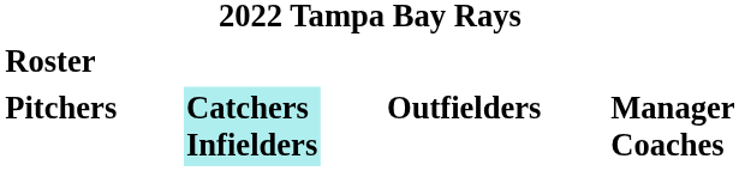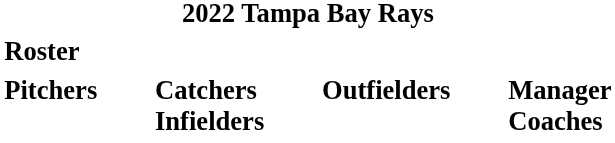 <table class="toccolours" style="font-size: 95%;">
 <tr>
 <th colspan="10">2022 Tampa Bay Rays</th>
 </tr>
 <tr>
 <td colspan="10"><strong>Roster</strong></td>
 </tr>
 <tr>
 <td valign="top"><strong>Pitchers</strong><br>                                    </td>
 <td style="width:25px;"></td>
-<td valign="top" style="background: paleturquoise;"><strong>Catchers</strong><br>    <strong>Infielders</strong>           </td>
+<td valign="top"><strong>Catchers</strong><br>    <strong>Infielders</strong>           </td>
 <td style="width:25px;"></td>
 <td valign="top"><strong>Outfielders</strong><br>        </td>
 <td style="width:25px;"></td>
 <td valign="top"><strong>Manager</strong><br> <strong>Coaches</strong>                        </td>
 </tr>
 </table>
